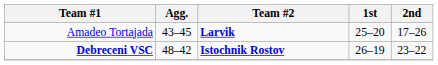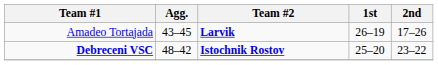 <table class=wikitable style="text-align:center">
 <tr>
 <th width=200>Team #1</th>
 <th width=50>Agg.</th>
 <th width=200>Team #2</th>
 <th width=50>1st</th>
 <th width=50>2nd</th>
 </tr>
 <tr>
 <td align=right><a href='#'>Amadeo Tortajada</a> </td>
 <td>43–45</td>
 <td align=left> <strong><a href='#'>Larvik</a></strong></td>
-<td align=center>25–20</td>
+<td align=center>26–19</td>
 <td align=center>17–26</td>
 </tr>
 <tr>
 <td align=right><strong><a href='#'>Debreceni VSC</a></strong> </td>
 <td>48–42</td>
 <td align=left><strong> <a href='#'>Istochnik Rostov</a></strong></td>
-<td align=center>26–19</td>
+<td align=center>25–20</td>
 <td align=center>23–22</td>
 </tr>
 <tr>
 </tr>
 </table>
